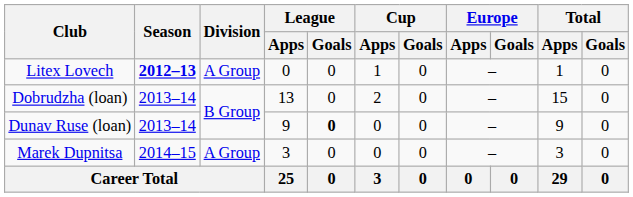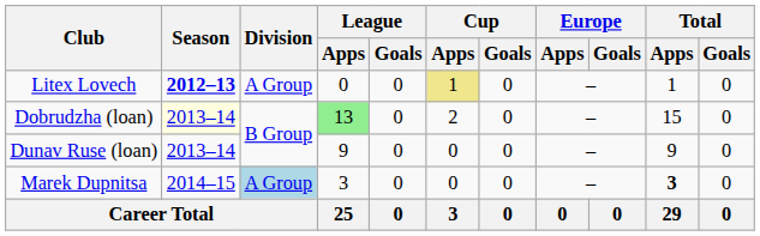 <table class="wikitable" style="font-size:90%; text-align: center">
 <tr>
 <th rowspan=2>Club</th>
 <th rowspan=2>Season</th>
 <th rowspan="2">Division</th>
 <th colspan=2>League</th>
 <th colspan=2>Cup</th>
 <th colspan=2><a href='#'>Europe</a></th>
 <th colspan=2>Total</th>
 </tr>
 <tr>
 <th>Apps</th>
 <th>Goals</th>
 <th>Apps</th>
 <th>Goals</th>
 <th>Apps</th>
 <th>Goals</th>
 <th>Apps</th>
 <th>Goals</th>
 </tr>
 <tr>
 <td rowspan=1><a href='#'>Litex Lovech</a></td>
 <td><strong><a href='#'>2012–13</a></strong></td>
 <td rowspan="1"><a href='#'>A Group</a></td>
 <td>0</td>
 <td>0</td>
-<td>1</td>
+<td style="background: khaki;">1</td>
 <td>0</td>
 <td colspan="2">–</td>
 <td>1</td>
 <td>0</td>
 </tr>
 <tr>
 <td rowspan=1><a href='#'>Dobrudzha</a> (loan)</td>
-<td><a href='#'>2013–14</a></td>
+<td style="background: lightyellow;"><a href='#'>2013–14</a></td>
 <td rowspan="2"><a href='#'>B Group</a></td>
-<td>13</td>
+<td style="background: lightgreen;">13</td>
 <td>0</td>
 <td>2</td>
 <td>0</td>
 <td colspan="2">–</td>
 <td>15</td>
 <td>0</td>
 </tr>
 <tr>
 <td rowspan=1><a href='#'>Dunav Ruse</a> (loan)</td>
 <td><a href='#'>2013–14</a></td>
 <td>9</td>
-<td><strong>0</strong></td>
+<td>0</td>
 <td>0</td>
 <td>0</td>
 <td colspan="2">–</td>
 <td>9</td>
 <td>0</td>
 </tr>
 <tr>
 <td rowspan=1><a href='#'>Marek Dupnitsa</a></td>
 <td><a href='#'>2014–15</a></td>
-<td rowspan="1"><a href='#'>A Group</a></td>
+<td rowspan="1" style="background: lightblue;"><a href='#'>A Group</a></td>
 <td>3</td>
 <td>0</td>
 <td>0</td>
 <td>0</td>
 <td colspan="2">–</td>
-<td>3</td>
+<td><strong>3</strong></td>
 <td>0</td>
 </tr>
 <tr>
 <th colspan=3>Career Total</th>
 <th>25</th>
 <th>0</th>
 <th>3</th>
 <th>0</th>
 <th>0</th>
 <th>0</th>
 <th>29</th>
 <th>0</th>
 </tr>
 </table>
